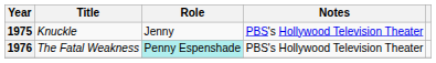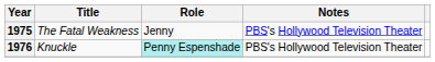 <table class="wikitable sortable plainrowheaders" style="min-width:30em">
 <tr>
 <th>Year</th>
 <th>Title</th>
 <th>Role</th>
 <th>Notes</th>
 <th class="unsortable"></th>
 </tr>
 <tr>
 <th scope="row">1975</th>
-<td><em>Knuckle</em></td>
+<td data-sort-value="Fatal Weakness"><em>The Fatal Weakness</em></td>
 <td>Jenny</td>
 <td><a href='#'>PBS</a>'s <a href='#'>Hollywood Television Theater</a></td>
 <td style="text-align:center;"></td>
 </tr>
 <tr>
 <th scope="row">1976</th>
-<td data-sort-value="Fatal Weakness"><em>The Fatal Weakness</em></td>
+<td><em>Knuckle</em></td>
 <td style="background: paleturquoise;">Penny Espenshade</td>
 <td>PBS's Hollywood Television Theater</td>
 <td style="text-align:center;"></td>
 </tr>
 <tr>
 </tr>
 </table>
